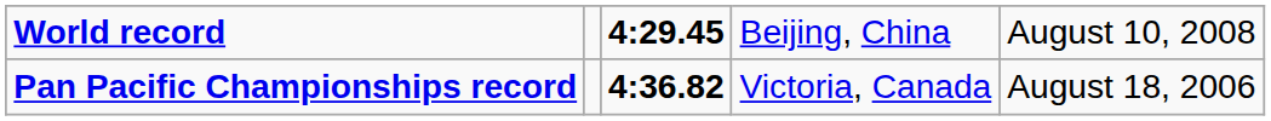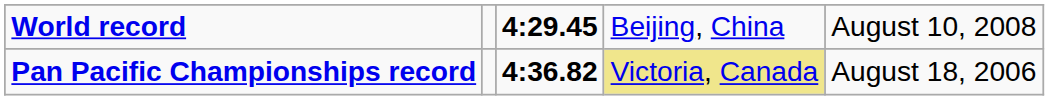 <table class="wikitable">
 <tr>
 <td><strong><a href='#'>World record</a></strong></td>
 <td></td>
 <td><strong>4:29.45</strong></td>
 <td><a href='#'>Beijing</a>, <a href='#'>China</a></td>
 <td>August 10, 2008</td>
 </tr>
 <tr>
 <td><strong><a href='#'>Pan Pacific Championships record</a></strong></td>
 <td></td>
 <td><strong>4:36.82</strong></td>
-<td><a href='#'>Victoria</a>, <a href='#'>Canada</a></td>
+<td style="background: khaki;"><a href='#'>Victoria</a>, <a href='#'>Canada</a></td>
 <td>August 18, 2006</td>
 </tr>
 </table>
